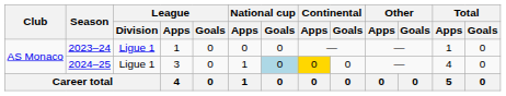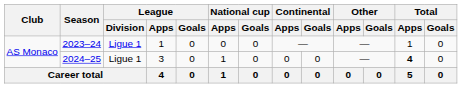 <table class="wikitable" style="text-align:center">
 <tr>
 <th rowspan="2">Club</th>
 <th rowspan="2">Season</th>
 <th colspan="3">League</th>
 <th colspan="2">National cup</th>
 <th colspan="2">Continental</th>
 <th colspan="2">Other</th>
 <th colspan="2">Total</th>
 </tr>
 <tr>
 <th>Division</th>
 <th>Apps</th>
 <th>Goals</th>
 <th>Apps</th>
 <th>Goals</th>
 <th>Apps</th>
 <th>Goals</th>
 <th>Apps</th>
 <th>Goals</th>
 <th>Apps</th>
 <th>Goals</th>
 </tr>
 <tr>
 <td rowspan="2"><a href='#'>AS Monaco</a></td>
 <td><a href='#'>2023–24</a></td>
 <td><a href='#'>Ligue 1</a></td>
 <td>1</td>
 <td>0</td>
 <td>0</td>
 <td>0</td>
 <td colspan="2">—</td>
 <td colspan="2">—</td>
 <td>1</td>
 <td>0</td>
 </tr>
 <tr>
 <td><a href='#'>2024–25</a></td>
 <td>Ligue 1</td>
 <td>3</td>
 <td>0</td>
 <td>1</td>
-<td style="background: lightblue;">0</td>
-<td style="background: gold;">0</td>
+<td>0</td>
+<td>0</td>
 <td>0</td>
 <td colspan="2">—</td>
-<td>4</td>
+<td><strong>4</strong></td>
 <td>0</td>
 </tr>
 <tr>
 <th colspan="3">Career total</th>
 <th>4</th>
 <th>0</th>
 <th>1</th>
 <th>0</th>
 <th>0</th>
 <th>0</th>
 <th>0</th>
 <th>0</th>
 <th>5</th>
 <th>0</th>
 </tr>
 </table>
